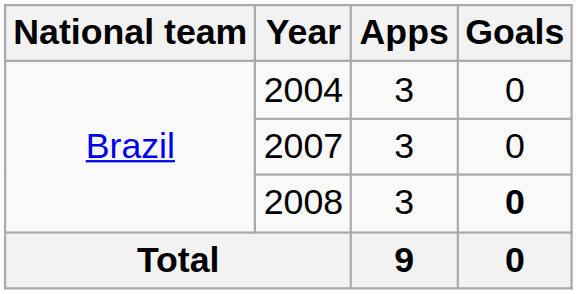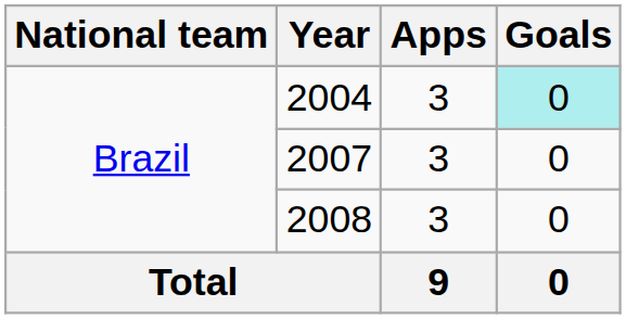 <table class="wikitable" style="text-align:center">
 <tr>
 <th>National team</th>
 <th>Year</th>
 <th>Apps</th>
 <th>Goals</th>
 </tr>
 <tr>
 <td rowspan="3" valign="center"><a href='#'>Brazil</a></td>
 <td>2004</td>
 <td>3</td>
-<td>0</td>
+<td style="background: paleturquoise;">0</td>
 </tr>
 <tr>
 <td>2007</td>
 <td>3</td>
 <td>0</td>
 </tr>
 <tr>
 <td>2008</td>
 <td>3</td>
-<td><strong>0</strong></td>
+<td>0</td>
 </tr>
 <tr>
 <th colspan="2">Total</th>
 <th>9</th>
 <th>0</th>
 </tr>
 </table>
